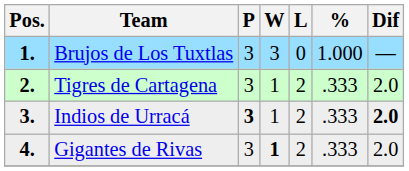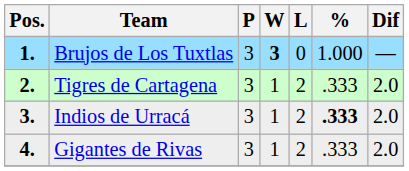 <table class="wikitable sortable" style="text-align: center;">
 <tr>
 <th align="center">Pos.</th>
 <th align="center">Team</th>
 <th align="center">P</th>
 <th align="center">W</th>
 <th align="center">L</th>
 <th align="center">%</th>
 <th align="center">Dif</th>
 </tr>
 <tr style="background: #97DEFF;">
 <td><strong>1.</strong></td>
 <td align=left> <a href='#'>Brujos de Los Tuxtlas</a></td>
 <td>3</td>
-<td>3</td>
+<td><strong>3</strong></td>
 <td>0</td>
 <td>1.000</td>
 <td>—</td>
 </tr>
 <tr style="background: #CCFFCC;">
 <td><strong>2.</strong></td>
 <td align=left> <a href='#'>Tigres de Cartagena</a></td>
 <td>3</td>
 <td>1</td>
 <td>2</td>
 <td>.333</td>
 <td>2.0</td>
 </tr>
 <tr style="background: #EEEEEE;">
 <td><strong>3.</strong></td>
 <td align=left> <a href='#'>Indios de Urracá</a></td>
-<td><strong>3</strong></td>
+<td>3</td>
 <td>1</td>
 <td>2</td>
-<td>.333</td>
-<td><strong>2.0</strong></td>
+<td><strong>.333</strong></td>
+<td>2.0</td>
 </tr>
 <tr style="background: #EEEEEE;">
 <td><strong>4.</strong></td>
 <td align=left> <a href='#'>Gigantes de Rivas</a></td>
 <td>3</td>
-<td><strong>1</strong></td>
+<td>1</td>
 <td>2</td>
 <td>.333</td>
 <td>2.0</td>
 </tr>
 <tr>
 </tr>
 </table>
